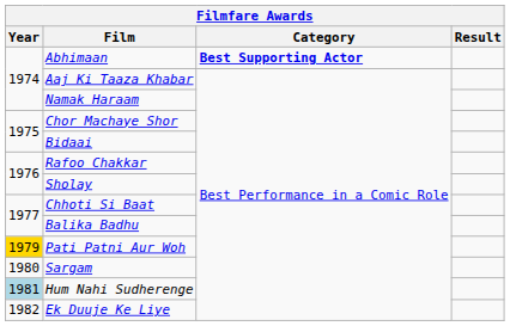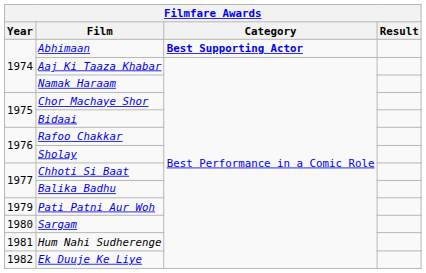 <table class="wikitable sortable">
 <tr>
 <th colspan="4"><a href='#'>Filmfare Awards</a></th>
 </tr>
 <tr>
 <th>Year</th>
 <th>Film</th>
 <th>Category</th>
 <th>Result</th>
 </tr>
 <tr>
 <td rowspan="3">1974</td>
 <td><em><a href='#'>Abhimaan</a></em></td>
 <td><strong><a href='#'>Best Supporting Actor</a></strong></td>
 <td></td>
 </tr>
 <tr>
 <td><em><a href='#'>Aaj Ki Taaza Khabar</a></em></td>
 <td rowspan="12"><a href='#'>Best Performance in a Comic Role</a></td>
 <td></td>
 </tr>
 <tr>
 <td><em><a href='#'>Namak Haraam</a></em></td>
 <td></td>
 </tr>
 <tr>
 <td rowspan="2">1975</td>
 <td><em><a href='#'>Chor Machaye Shor</a></em></td>
 <td></td>
 </tr>
 <tr>
 <td><em><a href='#'>Bidaai</a></em></td>
 <td></td>
 </tr>
 <tr>
 <td rowspan="2">1976</td>
 <td><em><a href='#'>Rafoo Chakkar</a></em></td>
 <td></td>
 </tr>
 <tr>
 <td><em><a href='#'>Sholay</a></em></td>
 <td></td>
 </tr>
 <tr>
 <td rowspan="2">1977</td>
 <td><em><a href='#'>Chhoti Si Baat</a></em></td>
 <td></td>
 </tr>
 <tr>
 <td><em><a href='#'>Balika Badhu</a></em></td>
 <td></td>
 </tr>
 <tr>
-<td style="background: gold;">1979</td>
+<td>1979</td>
 <td><em><a href='#'>Pati Patni Aur Woh</a></em></td>
 <td></td>
 </tr>
 <tr>
 <td>1980</td>
 <td><em><a href='#'>Sargam</a></em></td>
 <td></td>
 </tr>
 <tr>
-<td style="background: lightblue;">1981</td>
+<td>1981</td>
 <td><em>Hum Nahi Sudherenge</em></td>
 <td></td>
 </tr>
 <tr>
 <td>1982</td>
 <td><em><a href='#'>Ek Duuje Ke Liye</a></em></td>
 <td></td>
 </tr>
 </table>
